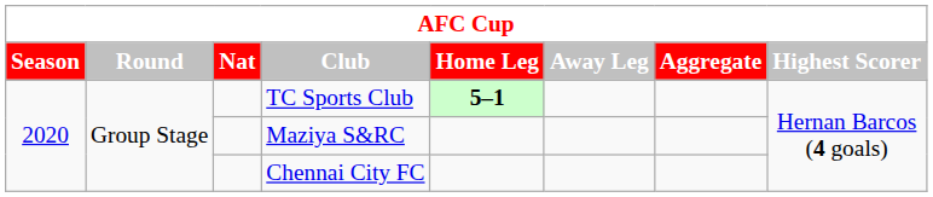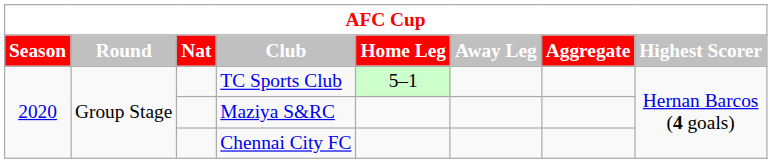 <table class="wikitable">
 <tr>
 <th colspan=9 style="background:White; color:Red;">AFC Cup</th>
 </tr>
 <tr>
 <th style="background:Red; color:White;">Season</th>
 <th style="background:Silver; color:White;">Round</th>
 <th style="background:Red; color:White;">Nat</th>
 <th style="background:Silver; color:White;">Club</th>
 <th style="background:Red; color:White;">Home Leg</th>
 <th style="background:Silver; color:White;">Away Leg</th>
 <th style="background:Red; color:White;">Aggregate</th>
 <th style="background:Silver; color:White;">Highest Scorer</th>
 </tr>
 <tr>
 <td rowspan=3 align=center><a href='#'>2020</a></td>
 <td rowspan=3 align=center>Group Stage</td>
 <td></td>
 <td><a href='#'>TC Sports Club</a></td>
-<td align=center style="background:#CCFFCC;"><strong>5–1</strong></td>
+<td align=center style="background:#CCFFCC;">5–1</td>
 <td align=center style="background:#;"></td>
 <td align=center style="background:#;"></td>
 <td rowspan=3 align=center> <a href='#'>Hernan Barcos</a><br>(<strong>4</strong> goals)</td>
 </tr>
 <tr>
 <td></td>
 <td><a href='#'>Maziya S&RC</a></td>
 <td align=center style="background:#;"></td>
 <td align=center style="background:#;"></td>
 <td align=center style="background:#;"></td>
 </tr>
 <tr>
 <td></td>
 <td><a href='#'>Chennai City FC</a></td>
 <td align=center style="background:#;"></td>
 <td align=center style="background:#;"></td>
 <td align=center style="background:#;"></td>
 </tr>
 </table>
